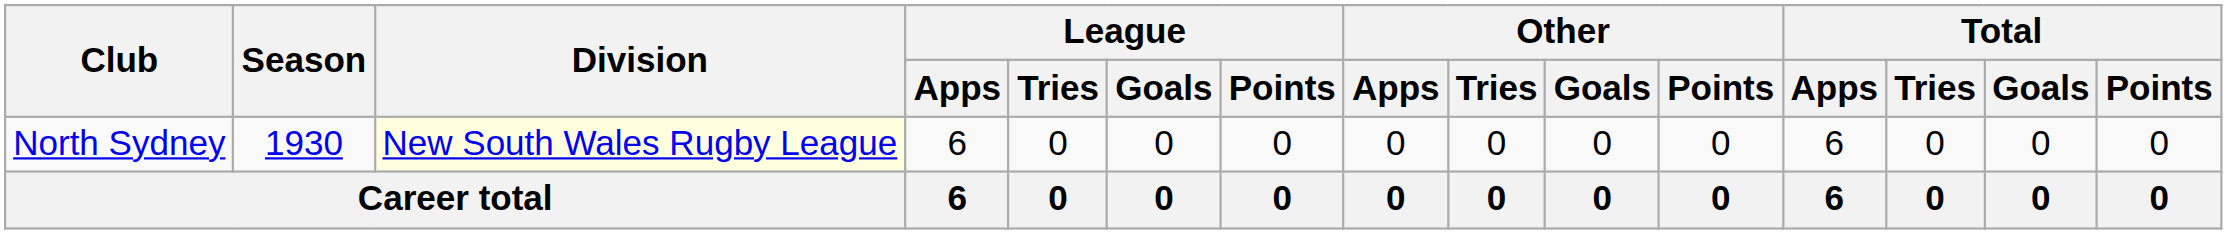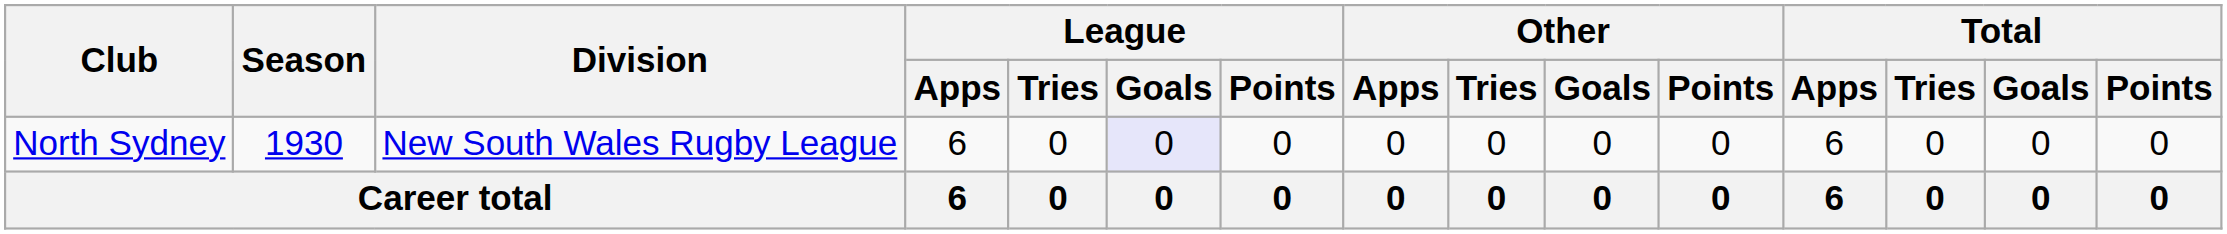 <table class="wikitable" style="text-align:center;">
 <tr>
 <th rowspan="2">Club</th>
 <th rowspan="2">Season</th>
 <th rowspan="2">Division</th>
 <th colspan="4">League</th>
 <th colspan="4">Other</th>
 <th colspan="4">Total</th>
 </tr>
 <tr>
 <th>Apps</th>
 <th>Tries</th>
 <th>Goals</th>
 <th>Points</th>
 <th>Apps</th>
 <th>Tries</th>
 <th>Goals</th>
 <th>Points</th>
 <th>Apps</th>
 <th>Tries</th>
 <th>Goals</th>
 <th>Points</th>
 </tr>
 <tr>
 <td><a href='#'>North Sydney</a></td>
 <td><a href='#'>1930</a></td>
-<td style="background: lightyellow;"><a href='#'>New South Wales Rugby League</a></td>
+<td><a href='#'>New South Wales Rugby League</a></td>
 <td>6</td>
 <td>0</td>
-<td>0</td>
+<td style="background: lavender;">0</td>
 <td>0</td>
 <td>0</td>
 <td>0</td>
 <td>0</td>
 <td>0</td>
 <td>6</td>
 <td>0</td>
 <td>0</td>
 <td>0</td>
 </tr>
 <tr>
 <th colspan="3">Career total</th>
 <th>6</th>
 <th>0</th>
 <th>0</th>
 <th>0</th>
 <th>0</th>
 <th>0</th>
 <th>0</th>
 <th>0</th>
 <th>6</th>
 <th>0</th>
 <th>0</th>
 <th>0</th>
 </tr>
 </table>
